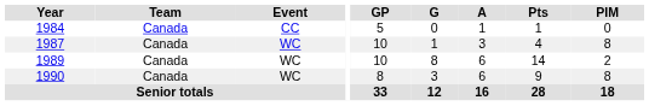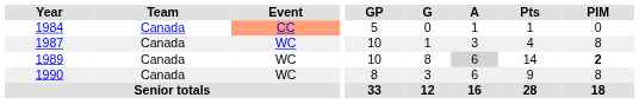 <table border="0" cellpadding="1" cellspacing="0" style="text-align:center; width:50em">
 <tr bgcolor="#e0e0e0">
 <th>Year</th>
 <th>Team</th>
 <th>Event</th>
 <th rowspan="99" bgcolor="#ffffff"></th>
 <th>GP</th>
 <th>G</th>
 <th>A</th>
 <th>Pts</th>
 <th>PIM</th>
 </tr>
 <tr>
 <td><a href='#'>1984</a></td>
 <td><a href='#'>Canada</a></td>
-<td><a href='#'>CC</a></td>
+<td style="background: lightsalmon;"><a href='#'>CC</a></td>
 <td>5</td>
 <td>0</td>
 <td>1</td>
 <td>1</td>
 <td>0</td>
 </tr>
 <tr bgcolor="#f0f0f0">
 <td><a href='#'>1987</a></td>
 <td>Canada</td>
 <td><a href='#'>WC</a></td>
 <td>10</td>
 <td>1</td>
 <td>3</td>
 <td>4</td>
 <td>8</td>
 </tr>
 <tr>
 <td><a href='#'>1989</a></td>
 <td>Canada</td>
 <td>WC</td>
 <td>10</td>
 <td>8</td>
-<td>6</td>
+<td style="background: lightgrey;">6</td>
 <td>14</td>
-<td>2</td>
+<td><strong>2</strong></td>
 </tr>
 <tr bgcolor="#f0f0f0">
 <td><a href='#'>1990</a></td>
 <td>Canada</td>
 <td>WC</td>
 <td>8</td>
 <td>3</td>
 <td>6</td>
 <td>9</td>
 <td>8</td>
 </tr>
 <tr bgcolor="#e0e0e0">
 <th colspan=3>Senior totals</th>
 <th>33</th>
 <th>12</th>
 <th>16</th>
 <th>28</th>
 <th>18</th>
 </tr>
 </table>
